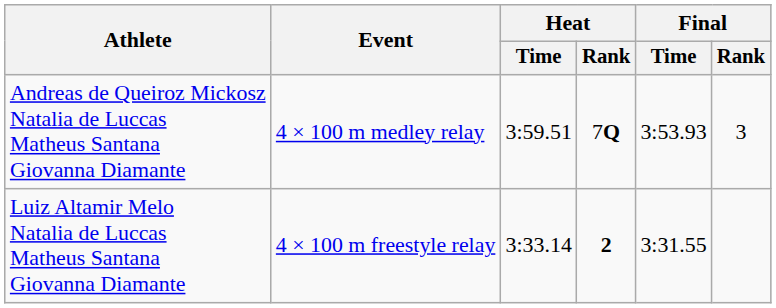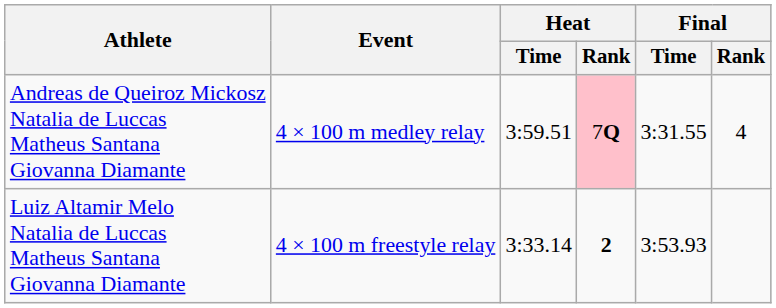 <table class=wikitable style="font-size:90%">
 <tr>
 <th rowspan=2>Athlete</th>
 <th rowspan=2>Event</th>
 <th colspan="2">Heat</th>
 <th colspan="2">Final</th>
 </tr>
 <tr style="font-size:95%">
 <th>Time</th>
 <th>Rank</th>
 <th>Time</th>
 <th>Rank</th>
 </tr>
 <tr align=center>
 <td align=left><a href='#'>Andreas de Queiroz Mickosz</a><br><a href='#'>Natalia de Luccas</a><br><a href='#'>Matheus Santana</a><br><a href='#'>Giovanna Diamante</a></td>
 <td align=left><a href='#'>4 × 100 m medley relay</a></td>
 <td>3:59.51</td>
-<td>7<strong>Q</strong></td>
-<td>3:53.93</td>
-<td>3</td>
+<td style="background: pink;">7<strong>Q</strong></td>
+<td>3:31.55</td>
+<td>4</td>
 </tr>
 <tr align=center>
 <td align=left><a href='#'>Luiz Altamir Melo</a><br><a href='#'>Natalia de Luccas</a><br><a href='#'>Matheus Santana</a><br><a href='#'>Giovanna Diamante</a></td>
 <td align=left><a href='#'>4 × 100 m freestyle relay</a></td>
 <td>3:33.14</td>
 <td><strong>2</strong></td>
-<td>3:31.55</td>
+<td>3:53.93</td>
 <td></td>
 </tr>
 </table>
